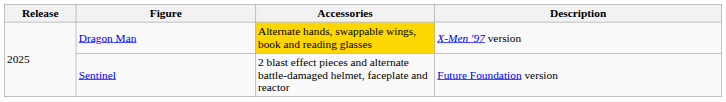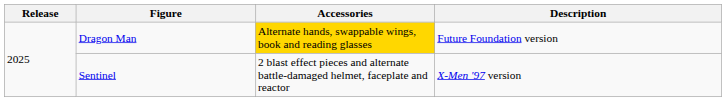 <table class="wikitable" style="width:80%;">
 <tr>
 <th width=10%>Release</th>
 <th width=25%>Figure</th>
 <th width=25%>Accessories</th>
 <th width=40%>Description</th>
 </tr>
 <tr>
 <td rowspan=2>2025</td>
 <td><a href='#'>Dragon Man</a></td>
 <td style="background: gold;">Alternate hands, swappable wings, book and reading glasses</td>
-<td><em><a href='#'>X-Men '97</a></em> version</td>
+<td><a href='#'>Future Foundation</a> version</td>
 </tr>
 <tr>
 <td><a href='#'>Sentinel</a></td>
 <td>2 blast effect pieces and alternate battle-damaged helmet, faceplate and reactor</td>
-<td><a href='#'>Future Foundation</a> version</td>
+<td><em><a href='#'>X-Men '97</a></em> version</td>
 </tr>
 </table>
